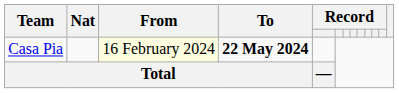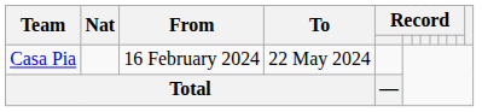 <table class="wikitable" style="text-align: center">
 <tr>
 <th rowspan="2">Team</th>
 <th rowspan="2">Nat</th>
 <th rowspan="2">From</th>
 <th rowspan="2">To</th>
 <th colspan="8">Record</th>
 <th rowspan=2></th>
 </tr>
 <tr>
 <th></th>
 <th></th>
 <th></th>
 <th></th>
 <th></th>
 <th></th>
 <th></th>
 <th></th>
 </tr>
 <tr>
 <td align=left><a href='#'>Casa Pia</a></td>
 <td></td>
-<td align=left style="background: lightyellow;">16 February 2024</td>
-<td align=left><strong>22 May 2024<br></strong></td>
+<td align=left>16 February 2024</td>
+<td align=left>22 May 2024<br></td>
 <td></td>
 </tr>
 <tr>
 <th colspan="4">Total<br></th>
 <th>—</th>
 </tr>
 </table>
